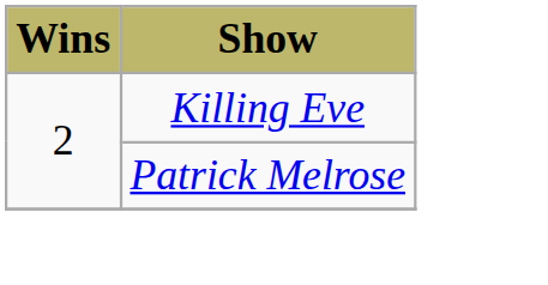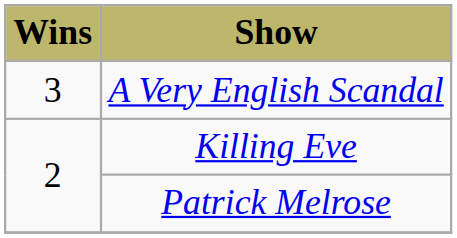 <table class="wikitable" style="text-align:center;">
 <tr>
 <th style="background:#BDB76B;">Wins</th>
 <th style="background:#BDB76B;">Show</th>
+</tr>
+<tr>
+<td>3</td>
+<td><em><a href='#'>A Very English Scandal</a></em></td>
 </tr>
 <tr>
 <td rowspan="2">2</td>
 <td><em><a href='#'>Killing Eve</a></em></td>
 </tr>
 <tr>
 <td><em><a href='#'>Patrick Melrose</a></em></td>
 </tr>
 <tr>
 </tr>
 </table>
